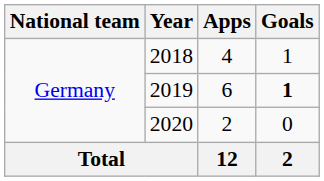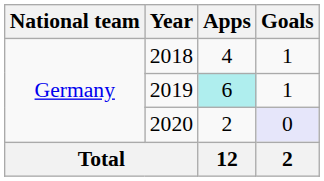 <table class="wikitable" style="text-align:center">
 <tr>
 <th>National team</th>
 <th>Year</th>
 <th>Apps</th>
 <th>Goals</th>
 </tr>
 <tr>
 <td rowspan="3"><a href='#'>Germany</a></td>
 <td>2018</td>
 <td>4</td>
 <td>1</td>
 </tr>
 <tr>
 <td>2019</td>
-<td>6</td>
-<td><strong>1</strong></td>
+<td style="background: paleturquoise;">6</td>
+<td>1</td>
 </tr>
 <tr>
 <td>2020</td>
 <td>2</td>
-<td>0</td>
+<td style="background: lavender;">0</td>
 </tr>
 <tr>
 <th colspan="2">Total</th>
 <th>12</th>
 <th>2</th>
 </tr>
 </table>
